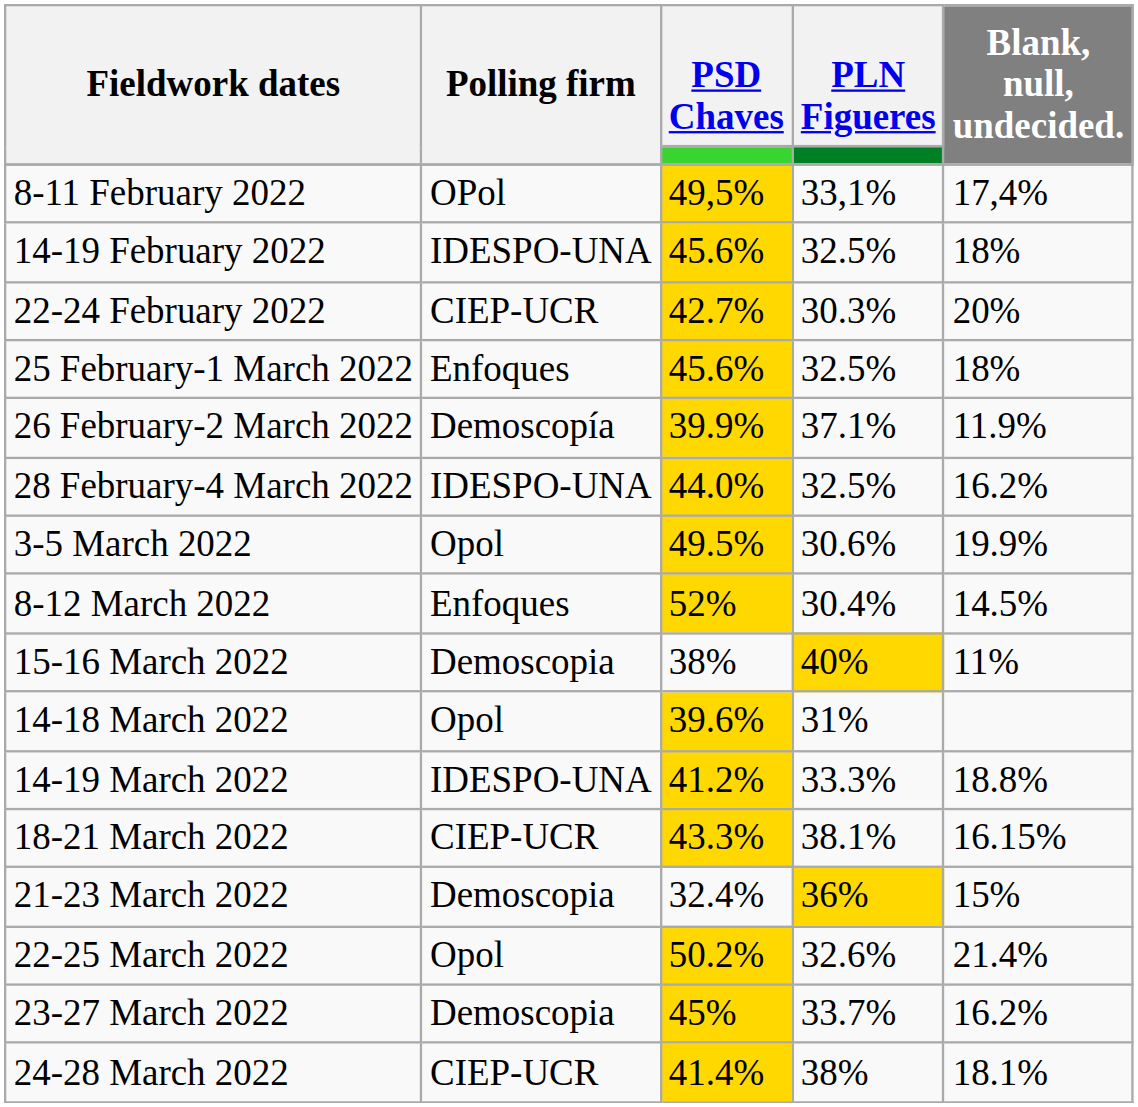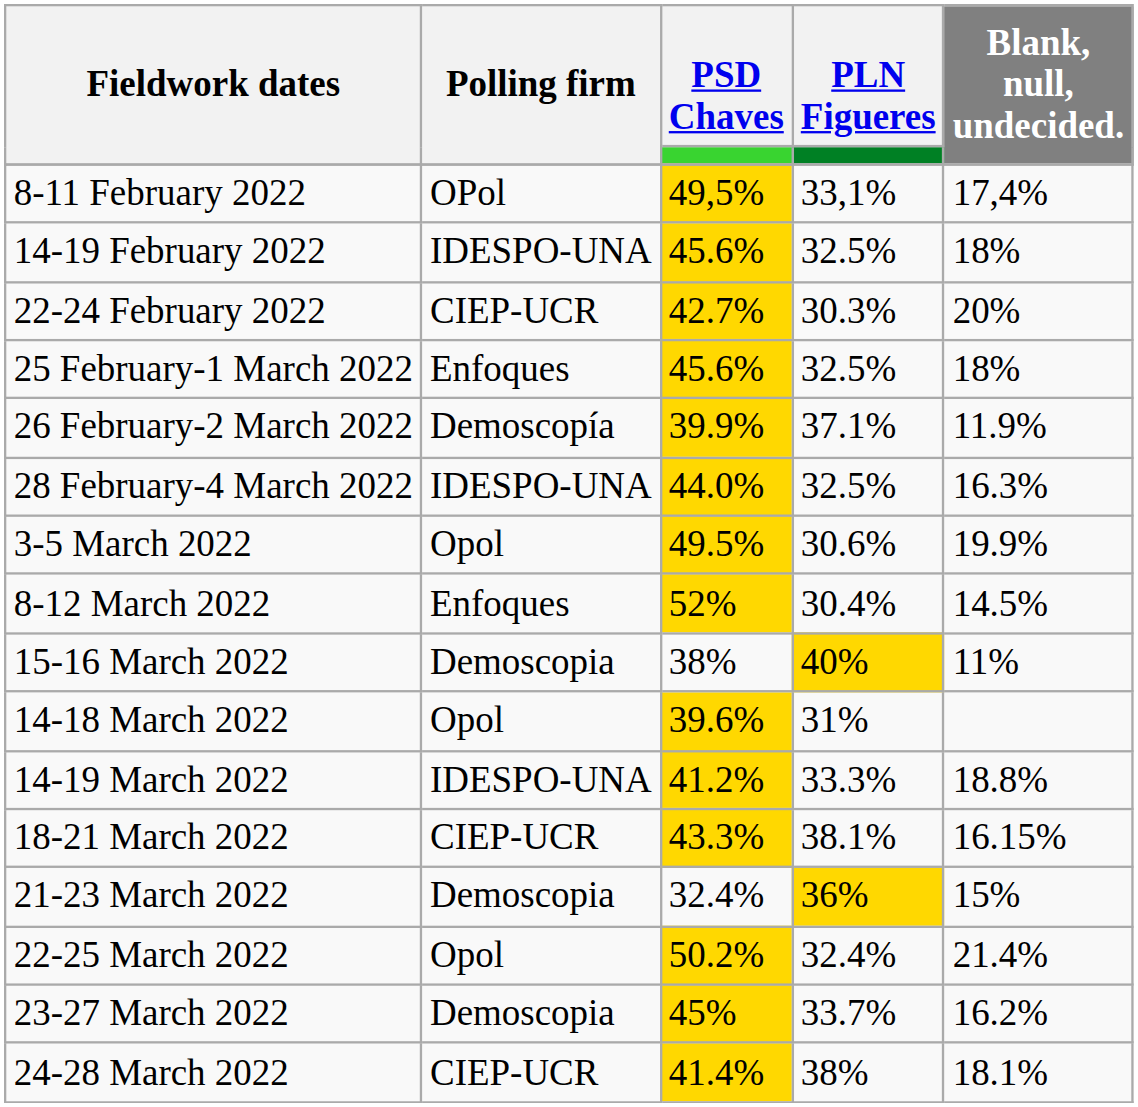 <table class="wikitable" style="font-size:100%">
 <tr>
 <th rowspan=2>Fieldwork dates</th>
 <th rowspan=2>Polling firm</th>
 <th><br><a href='#'>PSD</a><br><a href='#'>Chaves</a></th>
 <th><br><a href='#'>PLN</a><br><a href='#'>Figueres</a></th>
 <th rowspan=2 style="background-color:gray;color:#ffffff">Blank,<br> null, <br>undecided.</th>
 </tr>
 <tr>
 <th style="background-color:#39d430"></th>
 <th style="background-color:#008024"></th>
 </tr>
 <tr>
 </tr>
 <tr>
 <td>8-11 February 2022</td>
 <td>OPol</td>
 <td style="background:#ffd800">49,5%</td>
 <td>33,1%</td>
 <td>17,4%</td>
 </tr>
 <tr>
 <td>14-19 February 2022</td>
 <td>IDESPO-UNA</td>
 <td style="background:#ffd800">45.6%</td>
 <td>32.5%</td>
 <td>18%</td>
 </tr>
 <tr>
 <td>22-24 February 2022</td>
 <td>CIEP-UCR</td>
 <td style="background:#ffd800">42.7%</td>
 <td>30.3%</td>
 <td>20%</td>
 </tr>
 <tr>
 <td>25 February-1 March 2022</td>
 <td>Enfoques</td>
 <td style="background:#ffd800">45.6%</td>
 <td>32.5%</td>
 <td>18%</td>
 </tr>
 <tr>
 <td>26 February-2 March 2022</td>
 <td>Demoscopía</td>
 <td style="background:#ffd800">39.9%</td>
 <td>37.1%</td>
 <td>11.9%</td>
 </tr>
 <tr>
 <td>28 February-4 March 2022</td>
 <td>IDESPO-UNA</td>
 <td style="background:#ffd800">44.0%</td>
 <td>32.5%</td>
-<td>16.2%</td>
+<td>16.3%</td>
 </tr>
 <tr>
 <td>3-5 March 2022</td>
 <td>Opol</td>
 <td style="background:#ffd800">49.5%</td>
 <td>30.6%</td>
 <td>19.9%</td>
 </tr>
 <tr>
 <td>8-12 March 2022</td>
 <td>Enfoques</td>
 <td style="background:#ffd800">52%</td>
 <td>30.4%</td>
 <td>14.5%</td>
 </tr>
 <tr>
 <td>15-16 March 2022</td>
 <td>Demoscopia</td>
 <td>38%</td>
 <td style="background:#ffd800">40%</td>
 <td>11%</td>
 </tr>
 <tr>
 <td>14-18 March 2022</td>
 <td>Opol</td>
 <td style="background:#ffd800">39.6%</td>
 <td>31%</td>
 <td></td>
 </tr>
 <tr>
 <td>14-19 March 2022</td>
 <td>IDESPO-UNA</td>
 <td style="background:#ffd800">41.2%</td>
 <td>33.3%</td>
 <td>18.8%</td>
 </tr>
 <tr>
 <td>18-21 March 2022</td>
 <td>CIEP-UCR</td>
 <td style="background:#ffd800">43.3%</td>
 <td>38.1%</td>
 <td>16.15%</td>
 </tr>
 <tr>
 <td>21-23 March 2022</td>
 <td>Demoscopia</td>
 <td>32.4%</td>
 <td style="background:#ffd800">36%</td>
 <td>15%</td>
 </tr>
 <tr>
 <td>22-25 March 2022</td>
 <td>Opol</td>
 <td style="background:#ffd800">50.2%</td>
-<td>32.6%</td>
+<td>32.4%</td>
 <td>21.4%</td>
 </tr>
 <tr>
 <td>23-27 March 2022</td>
 <td>Demoscopia</td>
 <td style="background:#ffd800">45%</td>
 <td>33.7%</td>
 <td>16.2%</td>
 </tr>
 <tr>
 <td>24-28 March 2022</td>
 <td>CIEP-UCR</td>
 <td style="background:#ffd800">41.4%</td>
 <td>38%</td>
 <td>18.1%</td>
 </tr>
 </table>
